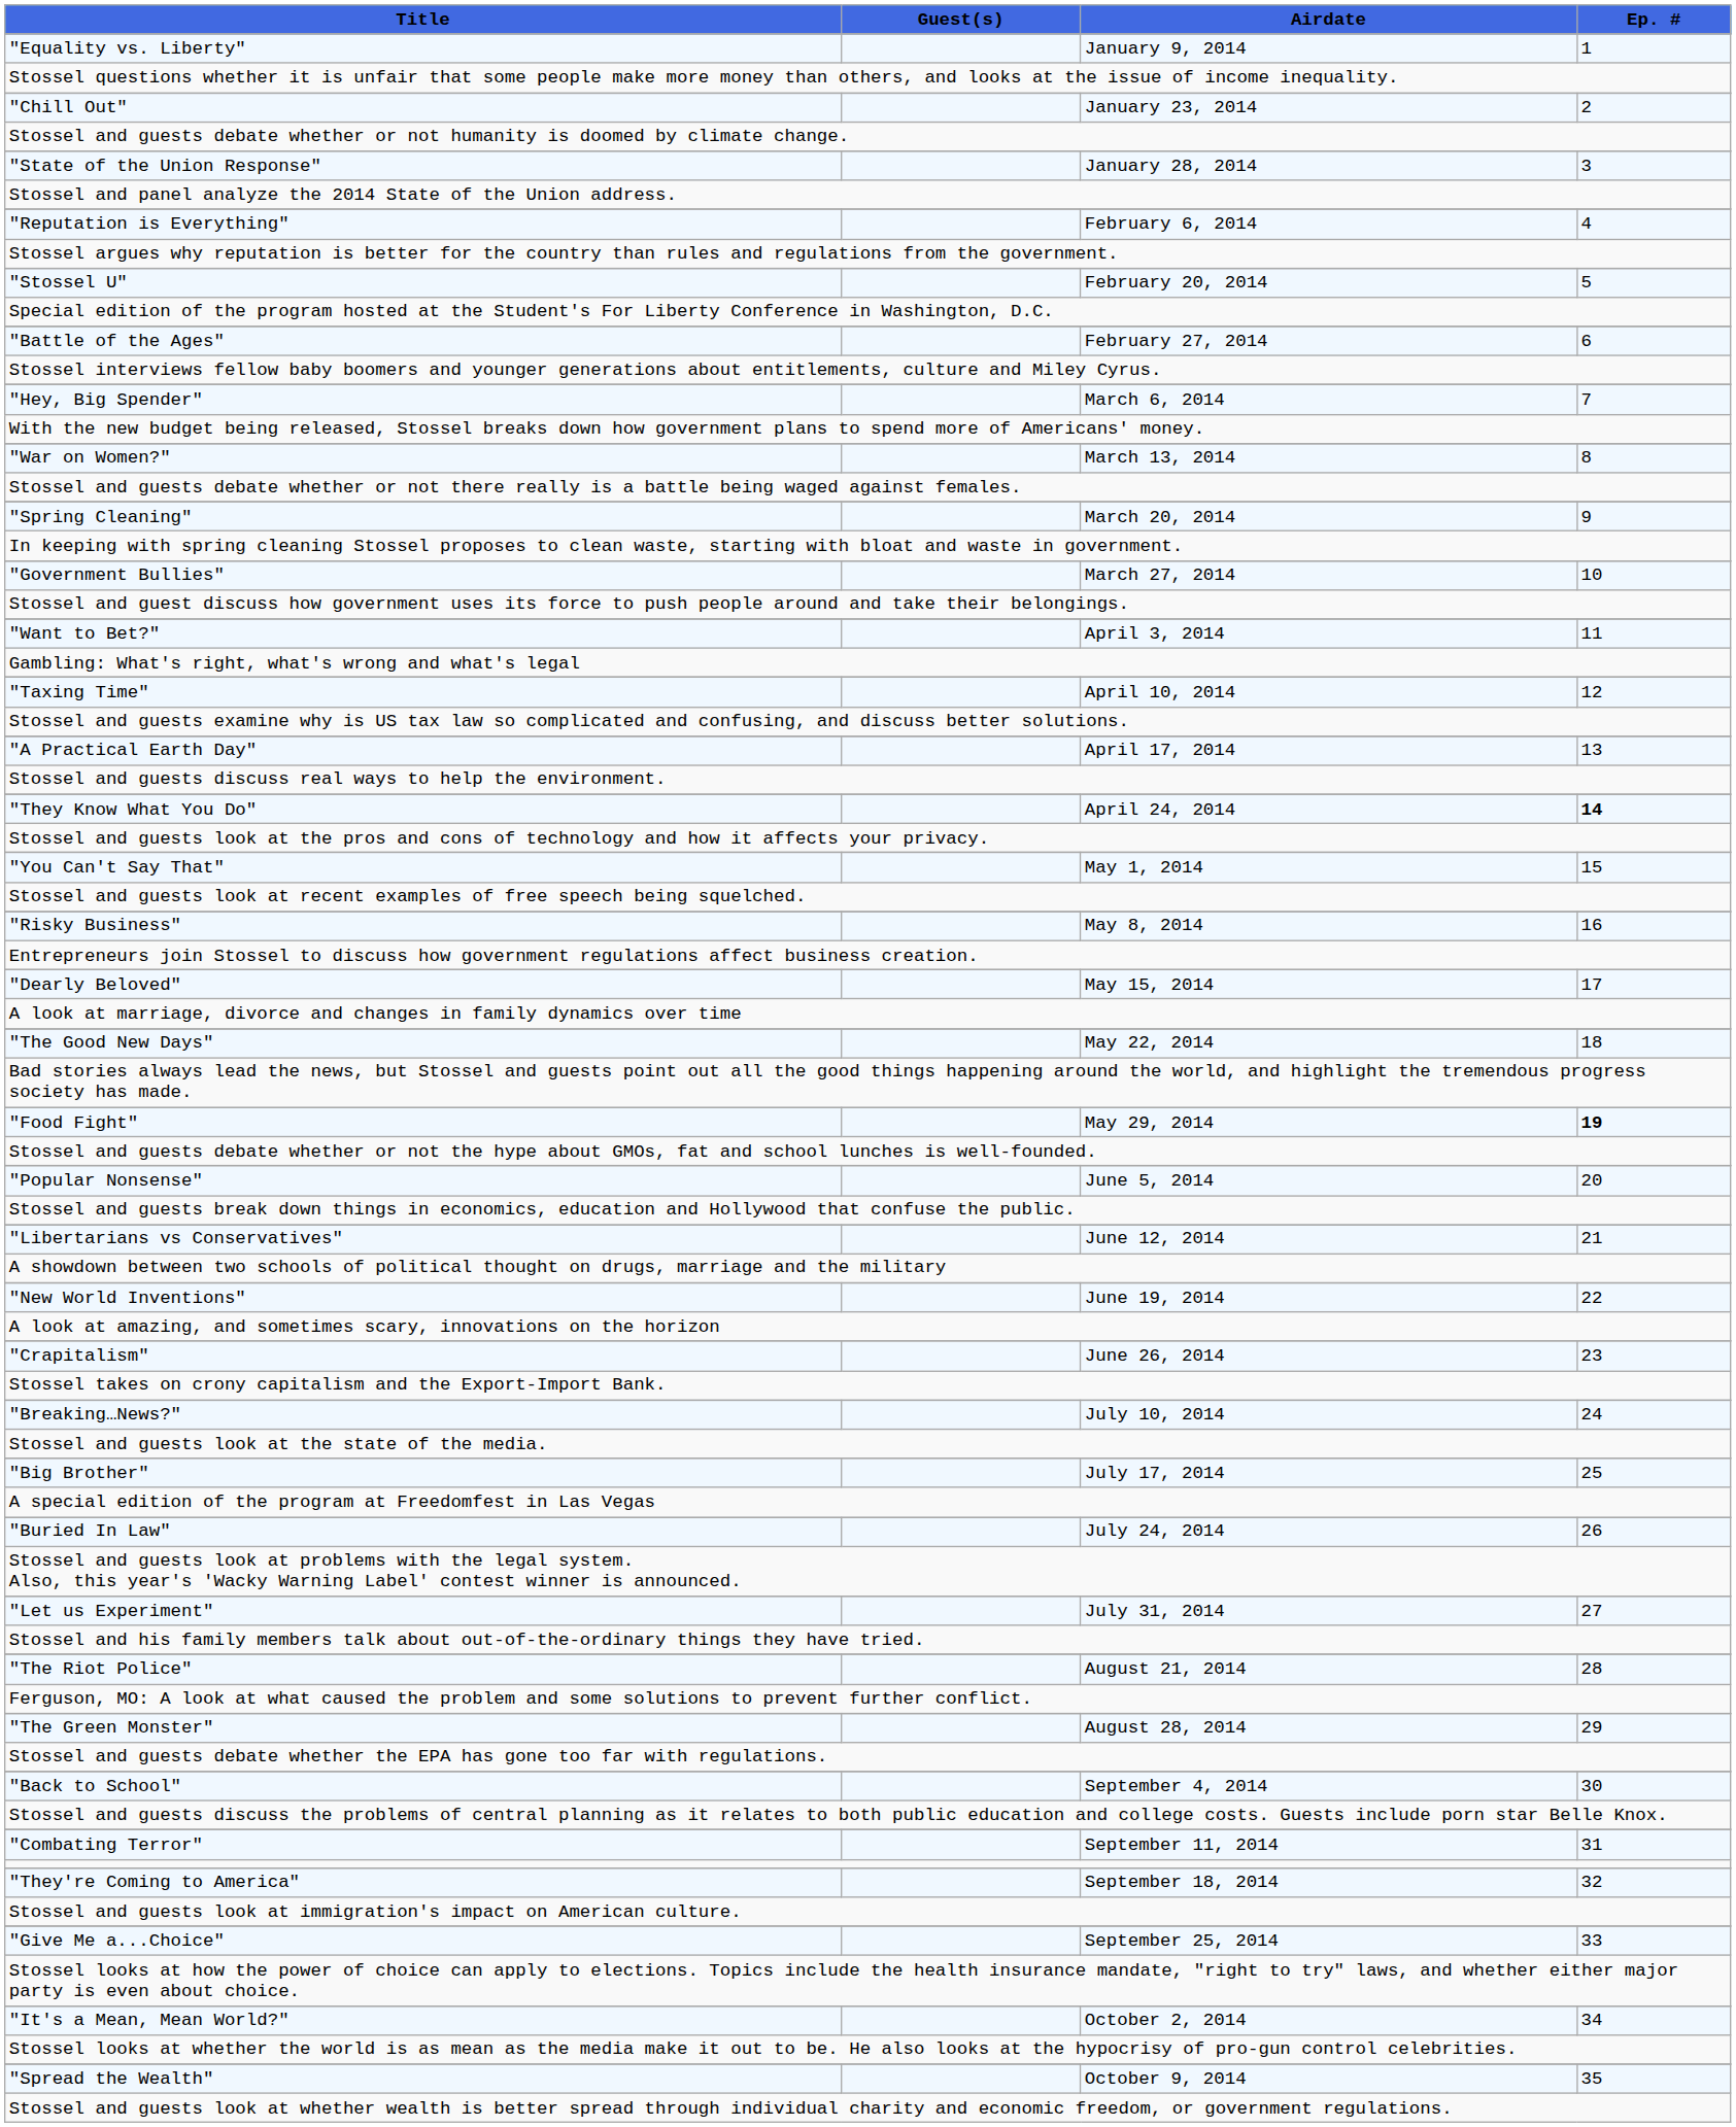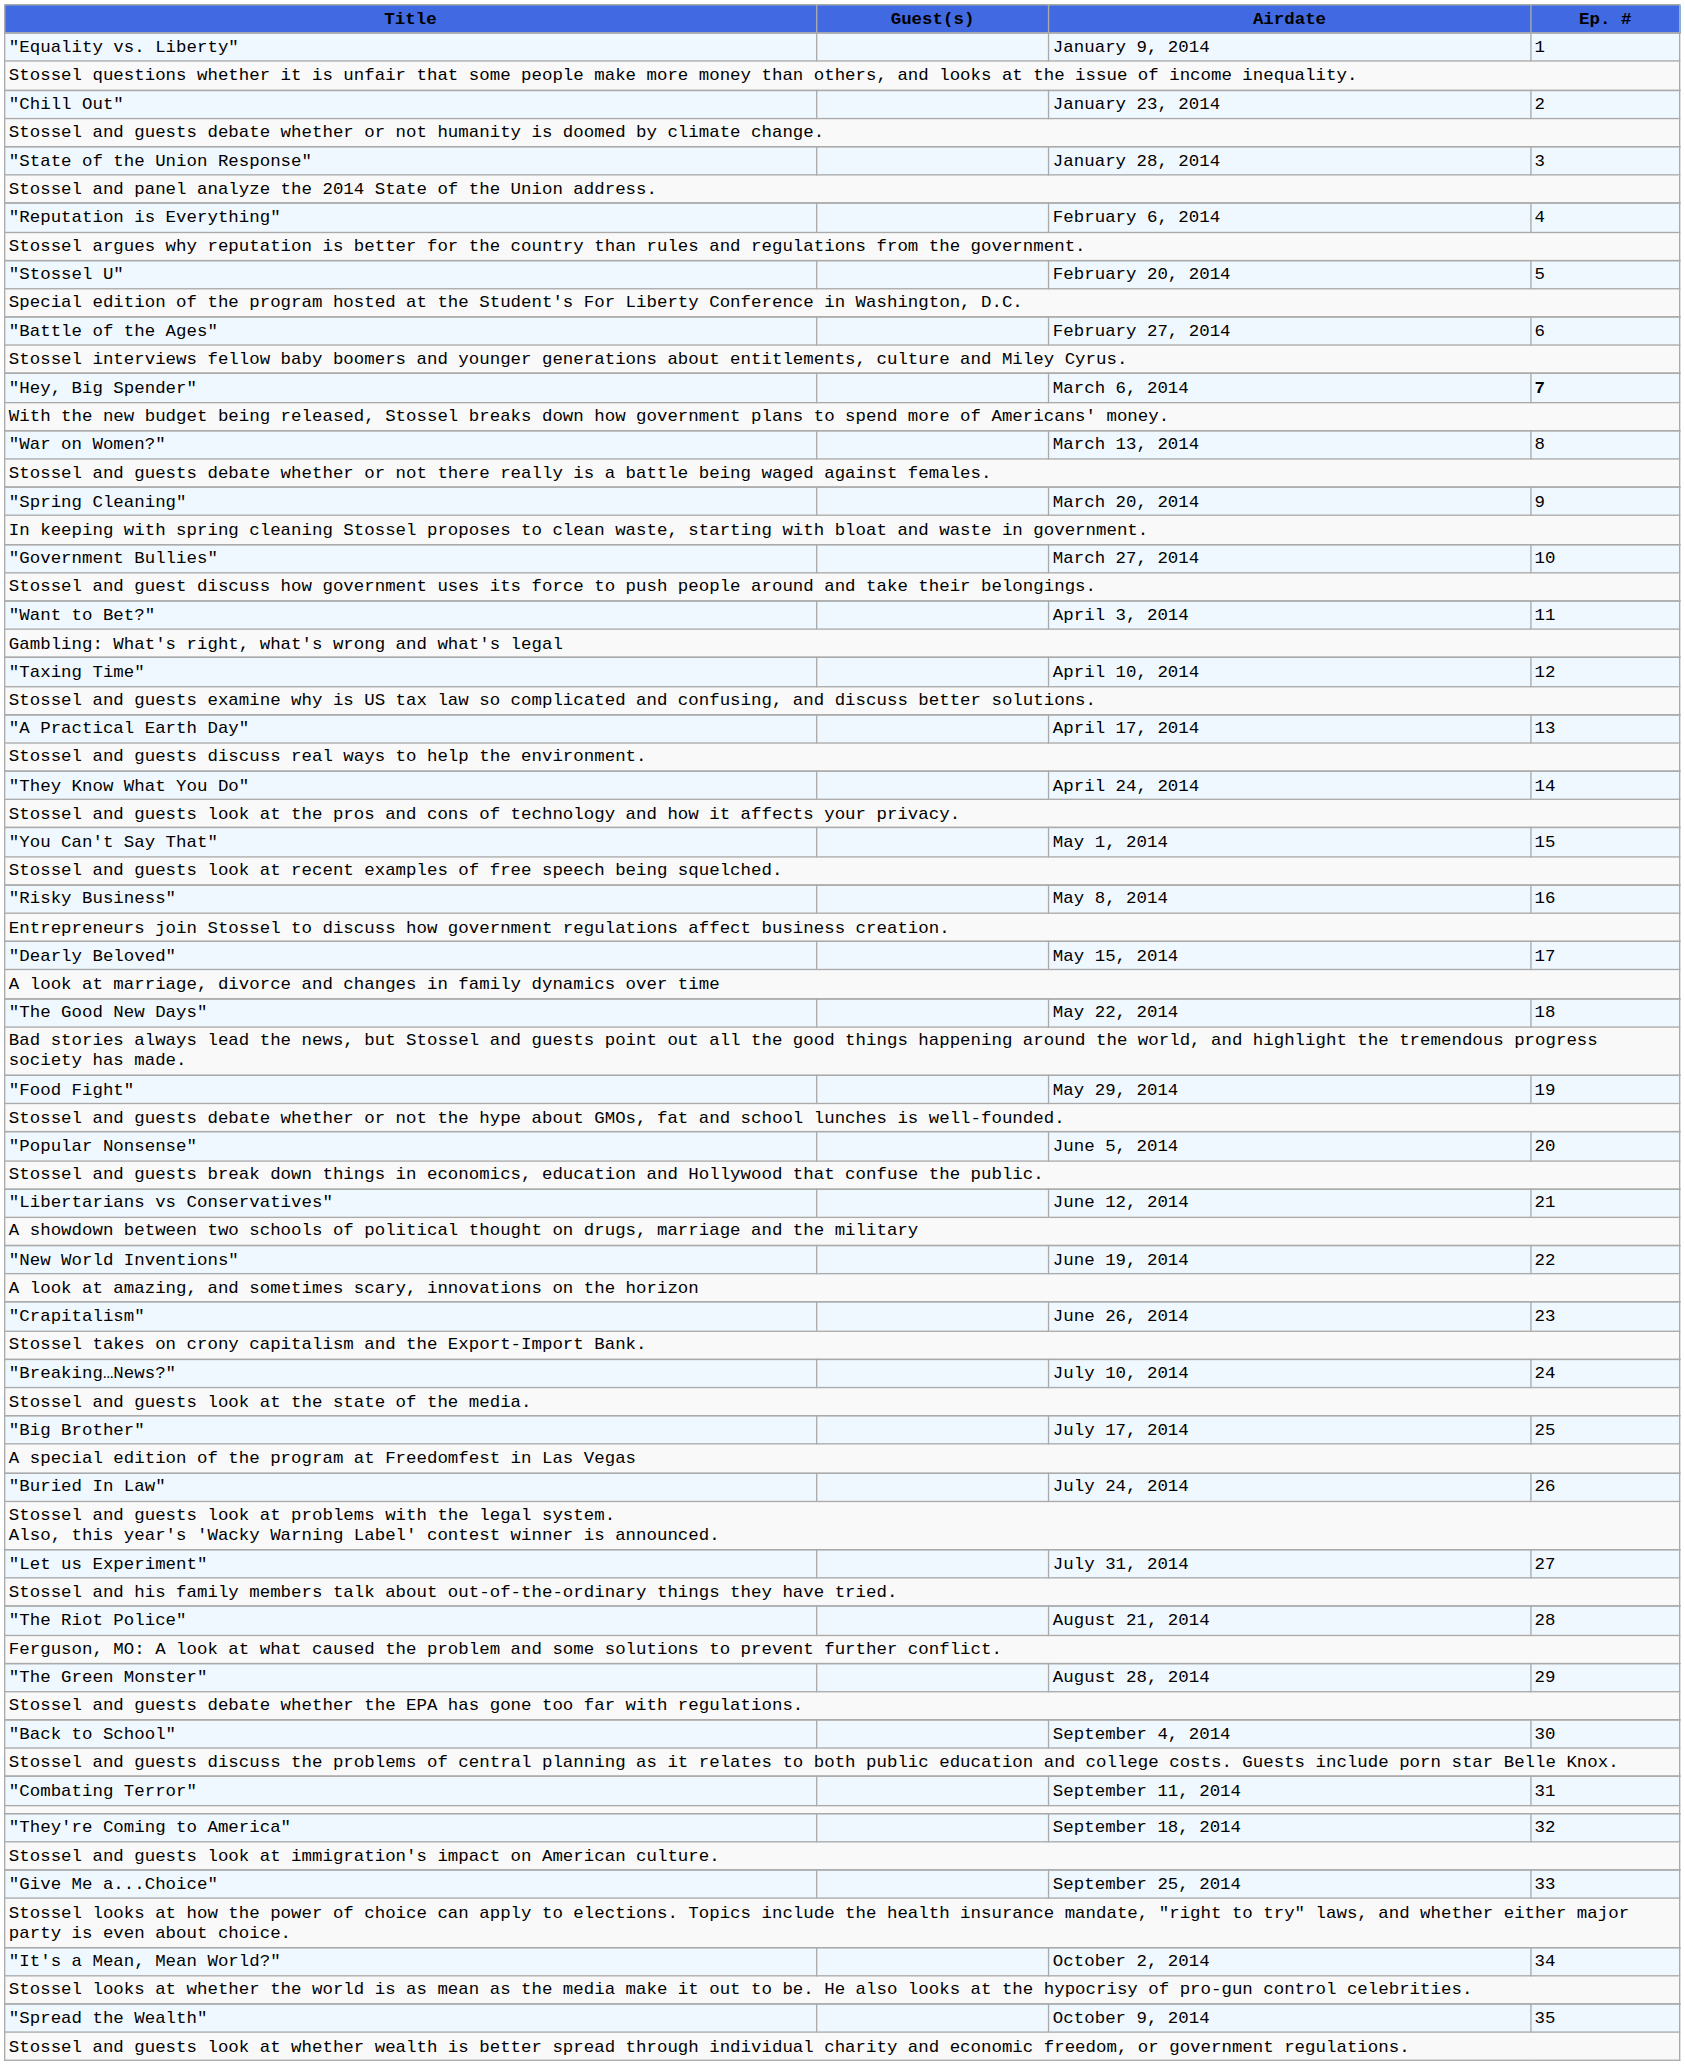 <table class="wikitable" width=99%>
 <tr style="background-color: #0e90b0">
 <th style="background-color: #4169E1"><span>Title</span></th>
 <th ! style="background-color: #4169E1"><span>Guest(s)</span></th>
 <th ! style="background-color: #4169E1"><span>Airdate</span></th>
 <th ! style="background-color: #4169E1"><span>Ep. #</span></th>
 </tr>
 <tr>
 </tr>
 <tr style="background-color: #F0F8FF;" |>
 <td>"Equality vs. Liberty"</td>
 <td></td>
 <td>January 9, 2014</td>
 <td>1</td>
 </tr>
 <tr>
 <td colspan="4">Stossel questions whether it is unfair that some people make more money than others, and looks at the issue of income inequality.</td>
 </tr>
 <tr>
 </tr>
 <tr style="background-color: #F0F8FF;" |>
 <td>"Chill Out"</td>
 <td></td>
 <td>January 23, 2014</td>
 <td>2</td>
 </tr>
 <tr>
 <td colspan="4">Stossel and guests debate whether or not humanity is doomed by climate change.</td>
 </tr>
 <tr>
 </tr>
 <tr style="background-color: #F0F8FF;" |>
 <td>"State of the Union Response"</td>
 <td></td>
 <td>January 28, 2014</td>
 <td>3</td>
 </tr>
 <tr>
 <td colspan="4">Stossel and panel analyze the 2014 State of the Union address.</td>
 </tr>
 <tr>
 </tr>
 <tr style="background-color: #F0F8FF;" |>
 <td>"Reputation is Everything"</td>
 <td></td>
 <td>February 6, 2014</td>
 <td>4</td>
 </tr>
 <tr>
 <td colspan="4">Stossel argues why reputation is better for the country than rules and regulations from the government.</td>
 </tr>
 <tr>
 </tr>
 <tr style="background-color: #F0F8FF;" |>
 <td>"Stossel U"</td>
 <td></td>
 <td>February 20, 2014</td>
 <td>5</td>
 </tr>
 <tr>
 <td colspan="4">Special edition of the program hosted at the Student's For Liberty Conference in Washington, D.C.</td>
 </tr>
 <tr>
 </tr>
 <tr style="background-color: #F0F8FF;" |>
 <td>"Battle of the Ages"</td>
 <td></td>
 <td>February 27, 2014</td>
 <td>6</td>
 </tr>
 <tr>
 <td colspan="4">Stossel interviews fellow baby boomers and younger generations about entitlements, culture and Miley Cyrus.</td>
 </tr>
 <tr>
 </tr>
 <tr style="background-color: #F0F8FF;" |>
 <td>"Hey, Big Spender"</td>
 <td></td>
 <td>March 6, 2014</td>
-<td>7</td>
+<td><strong>7</strong></td>
 </tr>
 <tr>
 <td colspan="4">With the new budget being released, Stossel breaks down how government plans to spend more of Americans' money.</td>
 </tr>
 <tr>
 </tr>
 <tr style="background-color: #F0F8FF;" |>
 <td>"War on Women?"</td>
 <td></td>
 <td>March 13, 2014</td>
 <td>8</td>
 </tr>
 <tr>
 <td colspan="4">Stossel and guests debate whether or not there really is a battle being waged against females.</td>
 </tr>
 <tr>
 </tr>
 <tr style="background-color: #F0F8FF;" |>
 <td>"Spring Cleaning"</td>
 <td></td>
 <td>March 20, 2014</td>
 <td>9</td>
 </tr>
 <tr>
 <td colspan="4">In keeping with spring cleaning Stossel proposes to clean waste, starting with bloat and waste in government.</td>
 </tr>
 <tr>
 </tr>
 <tr style="background-color: #F0F8FF;" |>
 <td>"Government Bullies"</td>
 <td></td>
 <td>March 27, 2014</td>
 <td>10</td>
 </tr>
 <tr>
 <td colspan="4">Stossel and guest discuss how government uses its force to push people around and take their belongings.</td>
 </tr>
 <tr>
 </tr>
 <tr style="background-color: #F0F8FF;" |>
 <td>"Want to Bet?"</td>
 <td></td>
 <td>April 3, 2014</td>
 <td>11</td>
 </tr>
 <tr>
 <td colspan="4">Gambling: What's right, what's wrong and what's legal</td>
 </tr>
 <tr>
 </tr>
 <tr style="background-color: #F0F8FF;" |>
 <td>"Taxing Time"</td>
 <td></td>
 <td>April 10, 2014</td>
 <td>12</td>
 </tr>
 <tr>
 <td colspan="4">Stossel and guests examine why is US tax law so complicated and confusing, and discuss better solutions.</td>
 </tr>
 <tr>
 </tr>
 <tr style="background-color: #F0F8FF;" |>
 <td>"A Practical Earth Day"</td>
 <td></td>
 <td>April 17, 2014</td>
 <td>13</td>
 </tr>
 <tr>
 <td colspan="4">Stossel and guests discuss real ways to help the environment.</td>
 </tr>
 <tr>
 </tr>
 <tr style="background-color: #F0F8FF;" |>
 <td>"They Know What You Do"</td>
 <td></td>
 <td>April 24, 2014</td>
-<td><strong>14</strong></td>
+<td>14</td>
 </tr>
 <tr>
 <td colspan="4">Stossel and guests look at the pros and cons of technology and how it affects your privacy.</td>
 </tr>
 <tr>
 </tr>
 <tr style="background-color: #F0F8FF;" |>
 <td>"You Can't Say That"</td>
 <td></td>
 <td>May 1, 2014</td>
 <td>15</td>
 </tr>
 <tr>
 <td colspan="4">Stossel and guests look at recent examples of free speech being squelched.</td>
 </tr>
 <tr>
 </tr>
 <tr style="background-color: #F0F8FF;" |>
 <td>"Risky Business"</td>
 <td></td>
 <td>May 8, 2014</td>
 <td>16</td>
 </tr>
 <tr>
 <td colspan="4">Entrepreneurs join Stossel to discuss how government regulations affect business creation.</td>
 </tr>
 <tr>
 </tr>
 <tr style="background-color: #F0F8FF;" |>
 <td>"Dearly Beloved"</td>
 <td></td>
 <td>May 15, 2014</td>
 <td>17</td>
 </tr>
 <tr>
 <td colspan="4">A look at marriage, divorce and changes in family dynamics over time</td>
 </tr>
 <tr>
 </tr>
 <tr style="background-color: #F0F8FF;" |>
 <td>"The Good New Days"</td>
 <td></td>
 <td>May 22, 2014</td>
 <td>18</td>
 </tr>
 <tr>
 <td colspan="4">Bad stories always lead the news, but Stossel and guests point out all the good things happening around the world, and highlight the tremendous progress society has made.</td>
 </tr>
 <tr>
 </tr>
 <tr style="background-color: #F0F8FF;" |>
 <td>"Food Fight"</td>
 <td></td>
 <td>May 29, 2014</td>
-<td><strong>19</strong></td>
+<td>19</td>
 </tr>
 <tr>
 <td colspan="4">Stossel and guests debate whether or not the hype about GMOs, fat and school lunches is well-founded.</td>
 </tr>
 <tr>
 </tr>
 <tr style="background-color: #F0F8FF;" |>
 <td>"Popular Nonsense"</td>
 <td></td>
 <td>June 5, 2014</td>
 <td>20</td>
 </tr>
 <tr>
 <td colspan="4">Stossel and guests break down things in economics, education and Hollywood that confuse the public.</td>
 </tr>
 <tr>
 </tr>
 <tr style="background-color: #F0F8FF;" |>
 <td>"Libertarians vs Conservatives"</td>
 <td></td>
 <td>June 12, 2014</td>
 <td>21</td>
 </tr>
 <tr>
 <td colspan="4">A showdown between two schools of political thought on drugs, marriage and the military</td>
 </tr>
 <tr>
 </tr>
 <tr style="background-color: #F0F8FF;" |>
 <td>"New World Inventions"</td>
 <td></td>
 <td>June 19, 2014</td>
 <td>22</td>
 </tr>
 <tr>
 <td colspan="4">A look at amazing, and sometimes scary, innovations on the horizon</td>
 </tr>
 <tr>
 </tr>
 <tr style="background-color: #F0F8FF;" |>
 <td>"Crapitalism"</td>
 <td></td>
 <td>June 26, 2014</td>
 <td>23</td>
 </tr>
 <tr>
 <td colspan="4">Stossel takes on crony capitalism and the Export-Import Bank.</td>
 </tr>
 <tr>
 </tr>
 <tr style="background-color: #F0F8FF;" |>
 <td>"Breaking…News?"</td>
 <td></td>
 <td>July 10, 2014</td>
 <td>24</td>
 </tr>
 <tr>
 <td colspan="4">Stossel and guests look at the state of the media.</td>
 </tr>
 <tr>
 </tr>
 <tr style="background-color: #F0F8FF;" |>
 <td>"Big Brother"</td>
 <td></td>
 <td>July 17, 2014</td>
 <td>25</td>
 </tr>
 <tr>
 <td colspan="4">A special edition of the program at Freedomfest in Las Vegas</td>
 </tr>
 <tr>
 </tr>
 <tr style="background-color: #F0F8FF;" |>
 <td>"Buried In Law"</td>
 <td></td>
 <td>July 24, 2014</td>
 <td>26</td>
 </tr>
 <tr>
 <td colspan="4">Stossel and guests look at problems with the legal system.<br>Also, this year's 'Wacky Warning Label' contest winner is announced.</td>
 </tr>
 <tr>
 </tr>
 <tr style="background-color: #F0F8FF;" |>
 <td>"Let us Experiment"</td>
 <td></td>
 <td>July 31, 2014</td>
 <td>27</td>
 </tr>
 <tr>
 <td colspan="4">Stossel and his family members talk about out-of-the-ordinary things they have tried.</td>
 </tr>
 <tr>
 </tr>
 <tr style="background-color: #F0F8FF;" |>
 <td>"The Riot Police"</td>
 <td></td>
 <td>August 21, 2014</td>
 <td>28</td>
 </tr>
 <tr>
 <td colspan="4">Ferguson, MO: A look at what caused the problem and some solutions to prevent further conflict.</td>
 </tr>
 <tr>
 </tr>
 <tr style="background-color: #F0F8FF;" |>
 <td>"The Green Monster"</td>
 <td></td>
 <td>August 28, 2014</td>
 <td>29</td>
 </tr>
 <tr>
 <td colspan="4">Stossel and guests debate whether the EPA has gone too far with regulations.</td>
 </tr>
 <tr>
 </tr>
 <tr style="background-color: #F0F8FF;" |>
 <td>"Back to School"</td>
 <td></td>
 <td>September 4, 2014</td>
 <td>30</td>
 </tr>
 <tr>
 <td colspan="4">Stossel and guests discuss the problems of central planning as it relates to both public education and college costs. Guests include porn star Belle Knox.</td>
 </tr>
 <tr>
 </tr>
 <tr style="background-color: #F0F8FF;" |>
 <td>"Combating Terror"</td>
 <td></td>
 <td>September 11, 2014</td>
 <td>31</td>
 </tr>
 <tr>
 <td colspan="4"></td>
 </tr>
 <tr>
 </tr>
 <tr style="background-color: #F0F8FF;" |>
 <td>"They're Coming to America"</td>
 <td></td>
 <td>September 18, 2014</td>
 <td>32</td>
 </tr>
 <tr>
 <td colspan="4">Stossel and guests look at immigration's impact on American culture.</td>
 </tr>
 <tr>
 </tr>
 <tr style="background-color: #F0F8FF;" |>
 <td>"Give Me a...Choice"</td>
 <td></td>
 <td>September 25, 2014</td>
 <td>33</td>
 </tr>
 <tr>
 <td colspan="4">Stossel looks at how the power of choice can apply to elections. Topics include the health insurance mandate, "right to try" laws, and whether either major party is even about choice.</td>
 </tr>
 <tr>
 </tr>
 <tr style="background-color: #F0F8FF;" |>
 <td>"It's a Mean, Mean World?"</td>
 <td></td>
 <td>October 2, 2014</td>
 <td>34</td>
 </tr>
 <tr>
 <td colspan="4">Stossel looks at whether the world is as mean as the media make it out to be. He also looks at the hypocrisy of pro-gun control celebrities.</td>
 </tr>
 <tr>
 </tr>
 <tr style="background-color: #F0F8FF;" |>
 <td>"Spread the Wealth"</td>
 <td></td>
 <td>October 9, 2014</td>
 <td>35</td>
 </tr>
 <tr>
 <td colspan="4">Stossel and guests look at whether wealth is better spread through individual charity and economic freedom, or government regulations.</td>
 </tr>
 </table>
